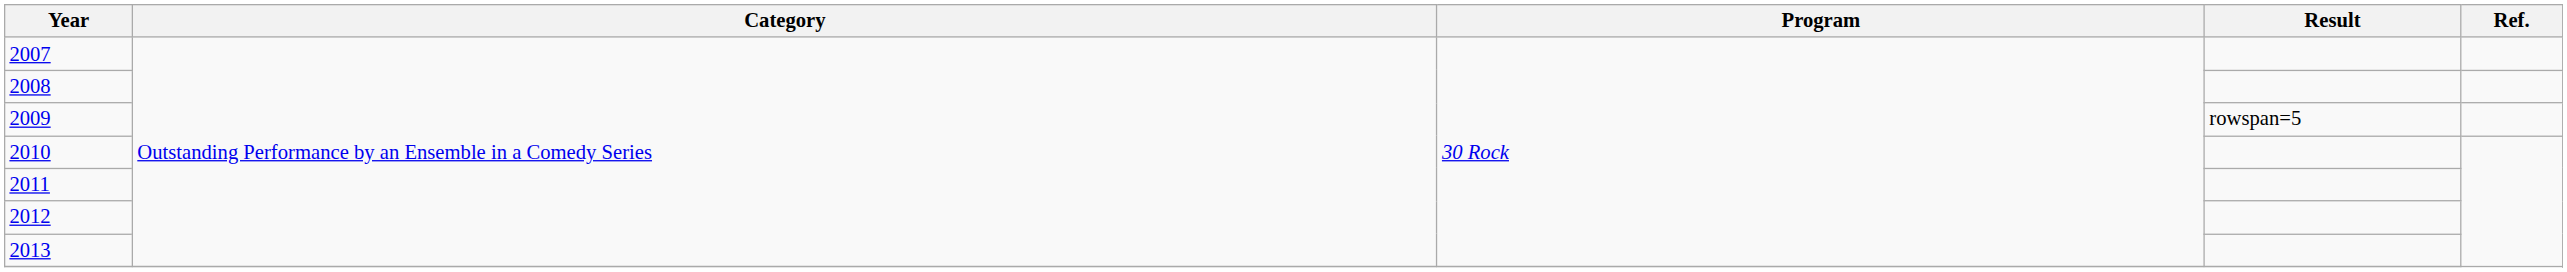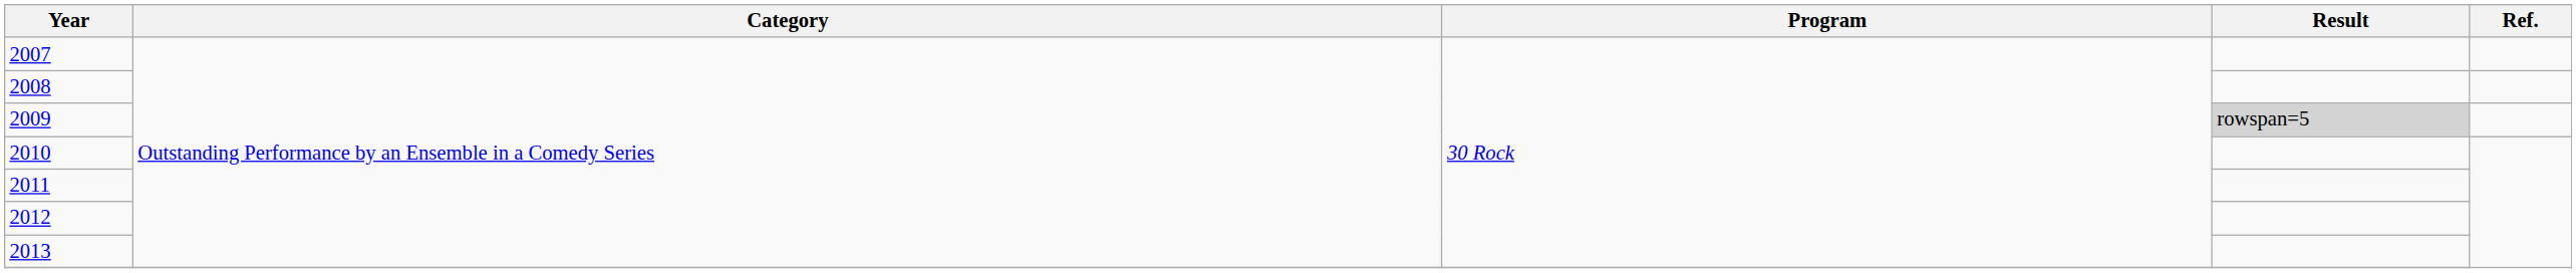 <table class="wikitable plainrowheaders" width=100%>
 <tr>
 <th scope="col" width="5%">Year</th>
 <th scope="col" width="51%">Category</th>
 <th scope="col" width="30%">Program</th>
 <th scope="col" width="10%">Result</th>
 <th scope="col" width="4%">Ref.</th>
 </tr>
 <tr>
 <td><a href='#'>2007</a></td>
 <td rowspan=7><a href='#'>Outstanding Performance by an Ensemble in a Comedy Series</a></td>
 <td rowspan=7><em><a href='#'>30 Rock</a></em></td>
 <td></td>
 <td><div></div></td>
 </tr>
 <tr>
 <td><a href='#'>2008</a></td>
 <td></td>
 <td><div></div></td>
 </tr>
 <tr>
 <td><a href='#'>2009</a></td>
-<td>rowspan=5 </td>
+<td style="background: lightgrey;">rowspan=5 </td>
 <td><div></div></td>
 </tr>
 <tr>
 <td><a href='#'>2010</a></td>
 <td><div></div></td>
 </tr>
 <tr>
 <td><a href='#'>2011</a></td>
 <td><div></div></td>
 </tr>
 <tr>
 <td><a href='#'>2012</a></td>
 <td><div></div></td>
 </tr>
 <tr>
 <td><a href='#'>2013</a></td>
 <td><div></div></td>
 </tr>
 <tr>
 </tr>
 </table>
